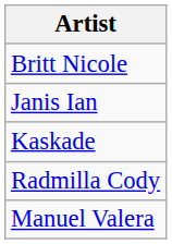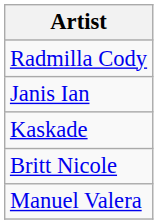 <table class="wikitable sortable">
 <tr>
 <th>Artist</th>
 </tr>
 <tr>
-<td><a href='#'>Britt Nicole</a></td>
+<td><a href='#'>Radmilla Cody</a></td>
 </tr>
 <tr>
 <td><a href='#'>Janis Ian</a></td>
 </tr>
 <tr>
 <td><a href='#'>Kaskade</a></td>
 </tr>
 <tr>
-<td><a href='#'>Radmilla Cody</a></td>
+<td><a href='#'>Britt Nicole</a></td>
 </tr>
 <tr>
 <td><a href='#'>Manuel Valera</a></td>
 </tr>
 </table>
